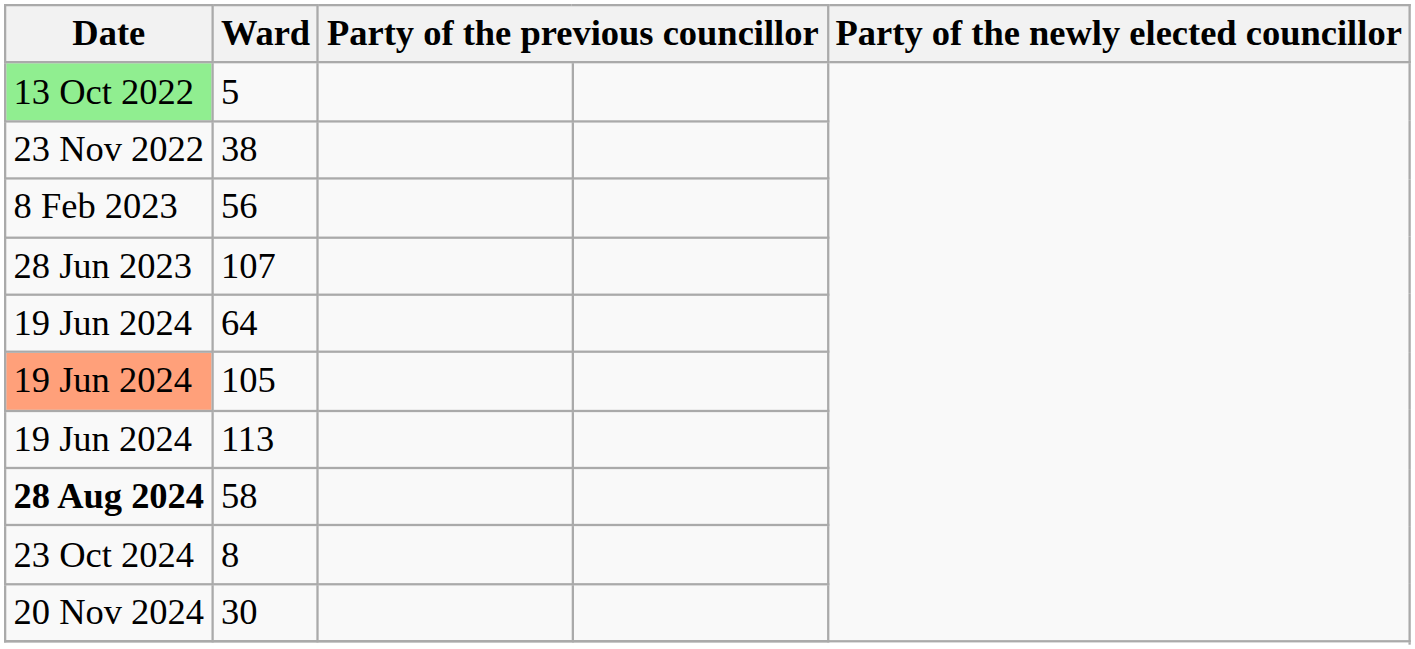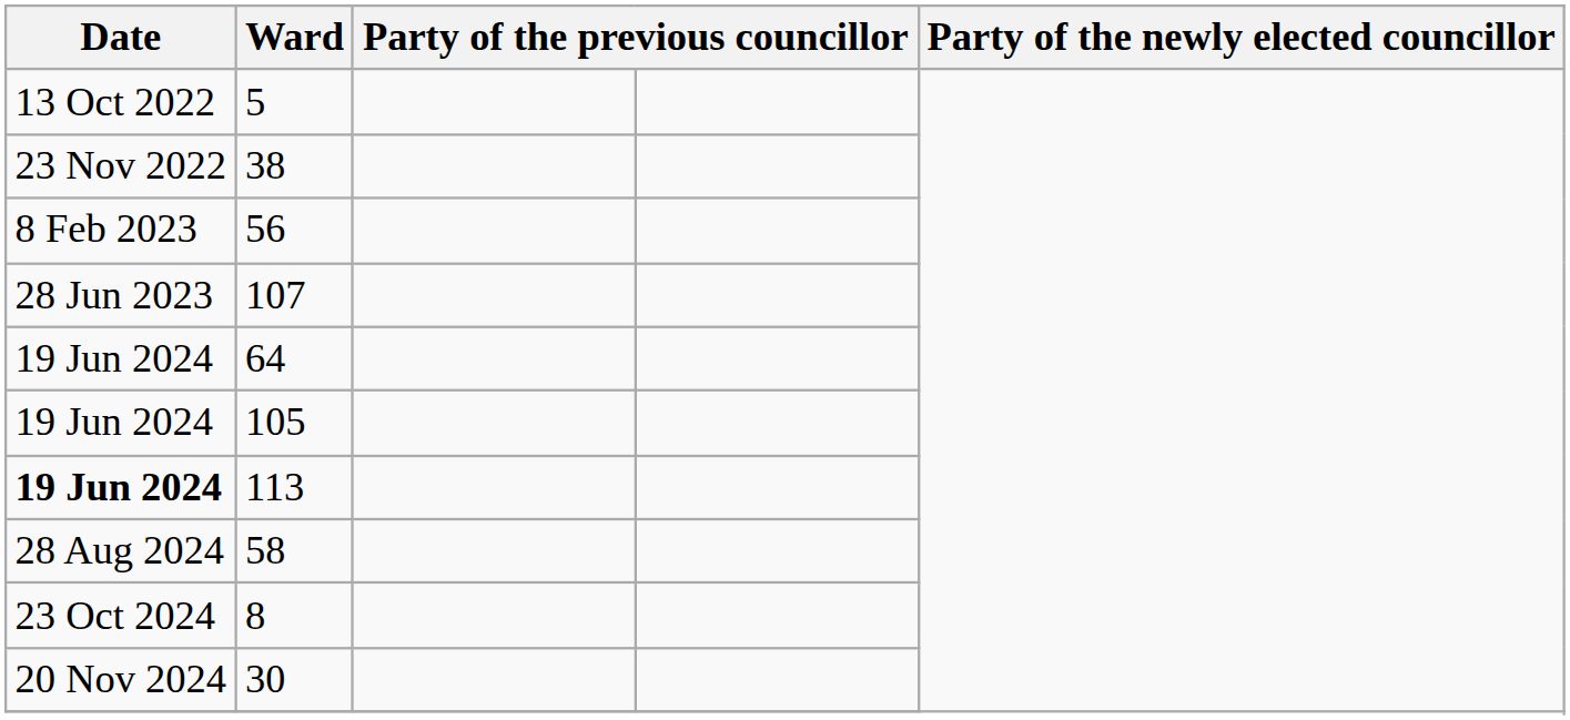 <table class="wikitable">
 <tr>
 <th>Date</th>
 <th>Ward</th>
 <th colspan=2>Party of the previous councillor</th>
 <th colspan=2>Party of the newly elected councillor</th>
 </tr>
 <tr>
-<td style="background: lightgreen;">13 Oct 2022</td>
+<td>13 Oct 2022</td>
 <td>5</td>
 <td></td>
 <td></td>
 </tr>
 <tr>
 <td>23 Nov 2022</td>
 <td>38</td>
 <td></td>
 <td></td>
 </tr>
 <tr>
 <td>8 Feb 2023</td>
 <td>56</td>
 <td></td>
 <td></td>
 </tr>
 <tr>
 <td>28 Jun 2023</td>
 <td>107</td>
 <td></td>
 <td></td>
 </tr>
 <tr>
 <td>19 Jun 2024</td>
 <td>64</td>
 <td></td>
 <td></td>
 </tr>
 <tr>
-<td style="background: lightsalmon;">19 Jun 2024</td>
+<td>19 Jun 2024</td>
 <td>105</td>
 <td></td>
 <td></td>
 </tr>
 <tr>
-<td>19 Jun 2024</td>
+<td><strong>19 Jun 2024</strong></td>
 <td>113</td>
 <td></td>
 <td></td>
 </tr>
 <tr>
-<td><strong>28 Aug 2024</strong></td>
+<td>28 Aug 2024</td>
 <td>58</td>
 <td></td>
 <td></td>
 </tr>
 <tr>
 <td>23 Oct 2024</td>
 <td>8</td>
 <td></td>
 <td></td>
 </tr>
 <tr>
 <td>20 Nov 2024</td>
 <td>30</td>
 <td></td>
 <td></td>
 </tr>
 <tr>
 </tr>
 </table>
